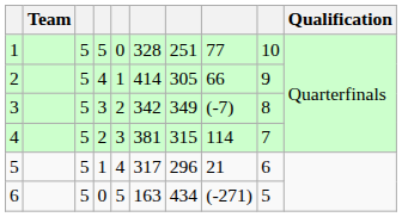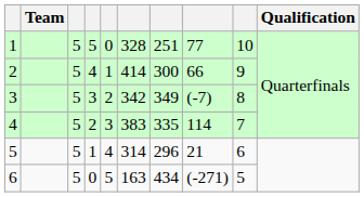 <table class="wikitable">
 <tr>
 <th></th>
 <th>Team</th>
 <th></th>
 <th></th>
 <th></th>
 <th></th>
 <th></th>
 <th></th>
 <th></th>
 <th>Qualification</th>
 </tr>
 <tr bgcolor=ccffcc>
 <td>1</td>
 <td></td>
 <td>5</td>
 <td>5</td>
 <td>0</td>
 <td>328</td>
 <td>251</td>
 <td>77</td>
 <td>10</td>
 <td rowspan=4>Quarterfinals</td>
 </tr>
 <tr bgcolor=ccffcc>
 <td>2</td>
 <td></td>
 <td>5</td>
 <td>4</td>
 <td>1</td>
 <td>414</td>
-<td>305</td>
+<td>300</td>
 <td>66</td>
 <td>9</td>
 </tr>
 <tr bgcolor=ccffcc>
 <td>3</td>
 <td></td>
 <td>5</td>
 <td>3</td>
 <td>2</td>
 <td>342</td>
 <td>349</td>
 <td>(-7)</td>
 <td>8</td>
 </tr>
 <tr bgcolor=ccffcc>
 <td>4</td>
 <td></td>
 <td>5</td>
 <td>2</td>
 <td>3</td>
-<td>381</td>
-<td>315</td>
+<td>383</td>
+<td>335</td>
 <td>114</td>
 <td>7</td>
 </tr>
 <tr>
 <td>5</td>
 <td></td>
 <td>5</td>
 <td>1</td>
 <td>4</td>
-<td>317</td>
+<td>314</td>
 <td>296</td>
 <td>21</td>
 <td>6</td>
 <td rowspan=2></td>
 </tr>
 <tr>
 <td>6</td>
 <td></td>
 <td>5</td>
 <td>0</td>
 <td>5</td>
 <td>163</td>
 <td>434</td>
 <td>(-271)</td>
 <td>5</td>
 </tr>
 </table>
